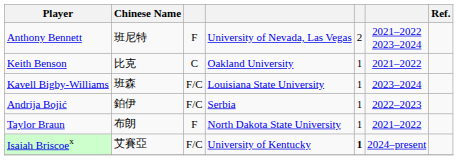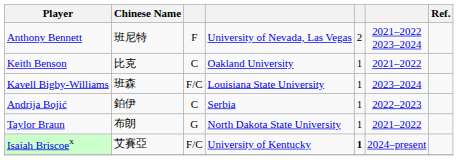 <table class="wikitable sortable" style="font-size:95%; text-align:left;">
 <tr>
 <th>Player</th>
 <th>Chinese Name</th>
 <th></th>
 <th></th>
 <th></th>
 <th></th>
 <th>Ref.</th>
 </tr>
 <tr>
 <td><a href='#'>Anthony Bennett</a></td>
 <td>班尼特</td>
 <td align="center">F</td>
 <td><a href='#'>University of Nevada, Las Vegas</a></td>
 <td align="center">2</td>
 <td align="center"><a href='#'>2021–2022</a><br><a href='#'>2023–2024</a></td>
 <td></td>
 </tr>
 <tr>
 <td><a href='#'>Keith Benson</a></td>
 <td>比克</td>
 <td align="center">C</td>
 <td><a href='#'>Oakland University</a></td>
 <td align="center">1</td>
 <td align="center"><a href='#'>2021–2022</a></td>
 <td></td>
 </tr>
 <tr>
 <td><a href='#'>Kavell Bigby-Williams</a></td>
 <td>班森</td>
 <td align="center">F/C</td>
 <td><a href='#'>Louisiana State University</a></td>
 <td align="center">1</td>
 <td align="center"><a href='#'>2023–2024</a></td>
 <td></td>
 </tr>
 <tr>
 <td><a href='#'>Andrija Bojić</a></td>
 <td>鉑伊</td>
-<td align="center">F/C</td>
+<td align="center">C</td>
 <td><a href='#'>Serbia</a></td>
 <td align="center">1</td>
 <td align="center"><a href='#'>2022–2023</a></td>
 <td></td>
 </tr>
 <tr>
 <td><a href='#'>Taylor Braun</a></td>
 <td>布朗</td>
-<td align="center">F</td>
+<td align="center">G</td>
 <td><a href='#'>North Dakota State University</a></td>
 <td align="center">1</td>
 <td align="center"><a href='#'>2021–2022</a></td>
 <td></td>
 </tr>
 <tr>
 <td bgcolor="#CCFFCC"><a href='#'>Isaiah Briscoe</a><sup>x</sup></td>
 <td>艾賽亞</td>
 <td align="center">F/C</td>
 <td><a href='#'>University of Kentucky</a></td>
 <td align="center"><strong>1</strong></td>
 <td align="center"><a href='#'>2024–present</a></td>
 <td></td>
 </tr>
 <tr>
 </tr>
 </table>
